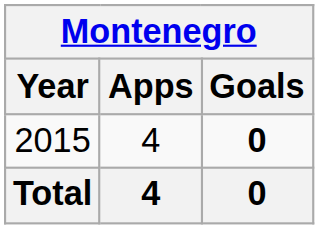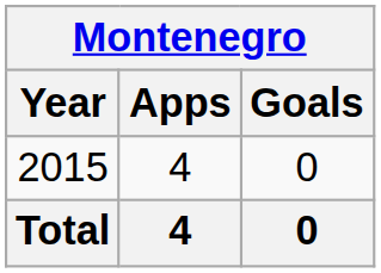 <table class="wikitable" style="text-align:center">
 <tr>
 <th colspan=3><a href='#'>Montenegro</a></th>
 </tr>
 <tr>
 <th>Year</th>
 <th>Apps</th>
 <th>Goals</th>
 </tr>
 <tr>
 <td>2015</td>
 <td>4</td>
-<td><strong>0</strong></td>
+<td>0</td>
 </tr>
 <tr>
 <th>Total</th>
 <th>4</th>
 <th>0</th>
 </tr>
 </table>
